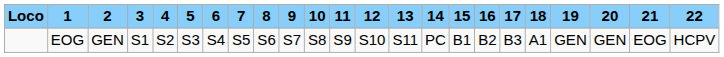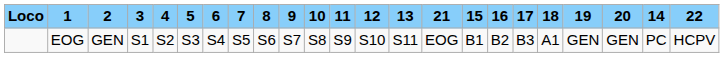 <table class="wikitable plainrowheaders unsortable" style="text-align:center">
 <tr>
 <th scope="col" rowspan="1" style="background:lightskyblue;">Loco</th>
 <th scope="col" rowspan="1" style="background:lightskyblue;">1</th>
 <th scope="col" rowspan="1" style="background:lightskyblue;">2</th>
 <th scope="col" rowspan="1" style="background:lightskyblue;">3</th>
 <th scope="col" rowspan="1" style="background:lightskyblue;">4</th>
 <th scope="col" rowspan="1" style="background:lightskyblue;">5</th>
 <th scope="col" rowspan="1" style="background:lightskyblue;">6</th>
 <th scope="col" rowspan="1" style="background:lightskyblue;">7</th>
 <th scope="col" rowspan="1" style="background:lightskyblue;">8</th>
 <th scope="col" rowspan="1" style="background:lightskyblue;">9</th>
 <th scope="col" rowspan="1" style="background:lightskyblue;">10</th>
 <th scope="col" rowspan="1" style="background:lightskyblue;">11</th>
 <th scope="col" rowspan="1" style="background:lightskyblue;">12</th>
 <th scope="col" rowspan="1" style="background:lightskyblue;">13</th>
-<th scope="col" rowspan="1" style="background:lightskyblue;">14</th>
+<th scope="col" rowspan="1" style="background:lightskyblue;">21</th>
 <th scope="col" rowspan="1" style="background:lightskyblue;">15</th>
 <th scope="col" rowspan="1" style="background:lightskyblue;">16</th>
 <th scope="col" rowspan="1" style="background:lightskyblue;">17</th>
 <th scope="col" rowspan="1" style="background:lightskyblue;">18</th>
 <th scope="col" rowspan="1" style="background:lightskyblue;">19</th>
 <th scope="col" rowspan="1" style="background:lightskyblue;">20</th>
-<th scope="col" rowspan="1" style="background:lightskyblue;">21</th>
+<th scope="col" rowspan="1" style="background:lightskyblue;">14</th>
 <th scope="col" rowspan="1" style="background:lightskyblue;">22</th>
 </tr>
 <tr>
 <td></td>
 <td>EOG</td>
 <td>GEN</td>
 <td>S1</td>
 <td>S2</td>
 <td>S3</td>
 <td>S4</td>
 <td>S5</td>
 <td>S6</td>
 <td>S7</td>
 <td>S8</td>
 <td>S9</td>
 <td>S10</td>
 <td>S11</td>
-<td>PC</td>
+<td>EOG</td>
 <td>B1</td>
 <td>B2</td>
 <td>B3</td>
 <td>A1</td>
 <td>GEN</td>
 <td>GEN</td>
-<td>EOG</td>
+<td>PC</td>
 <td>HCPV</td>
 </tr>
 </table>
